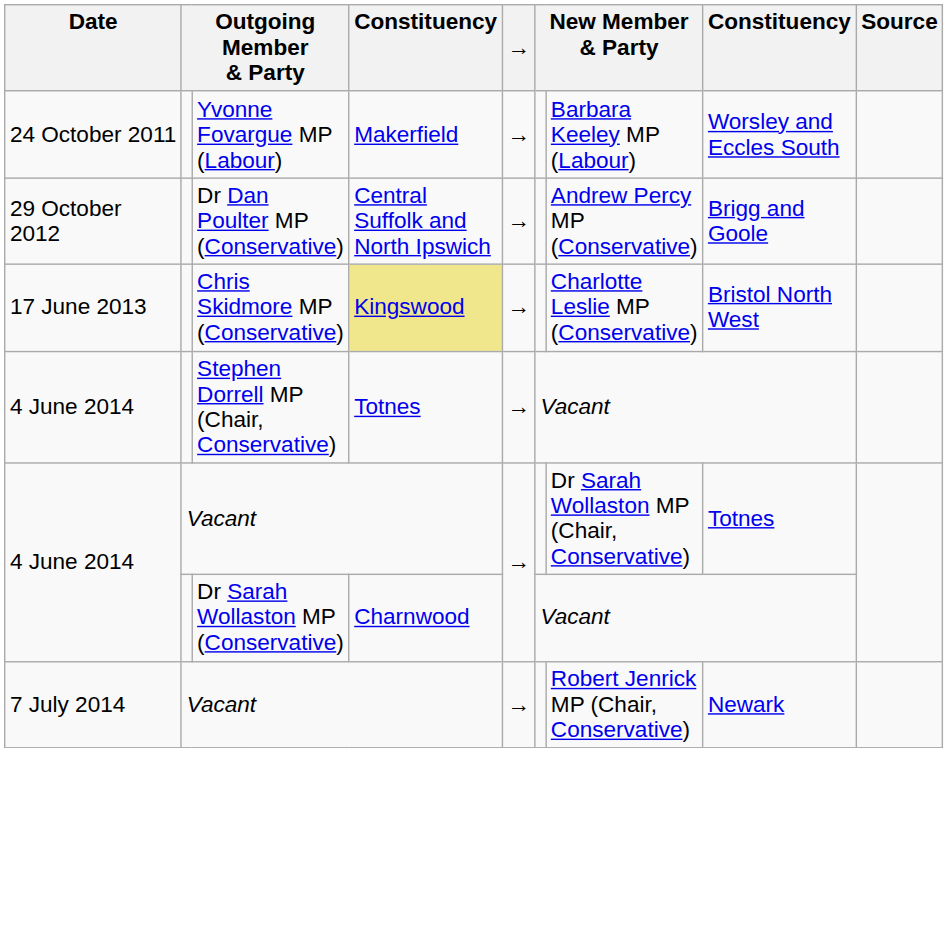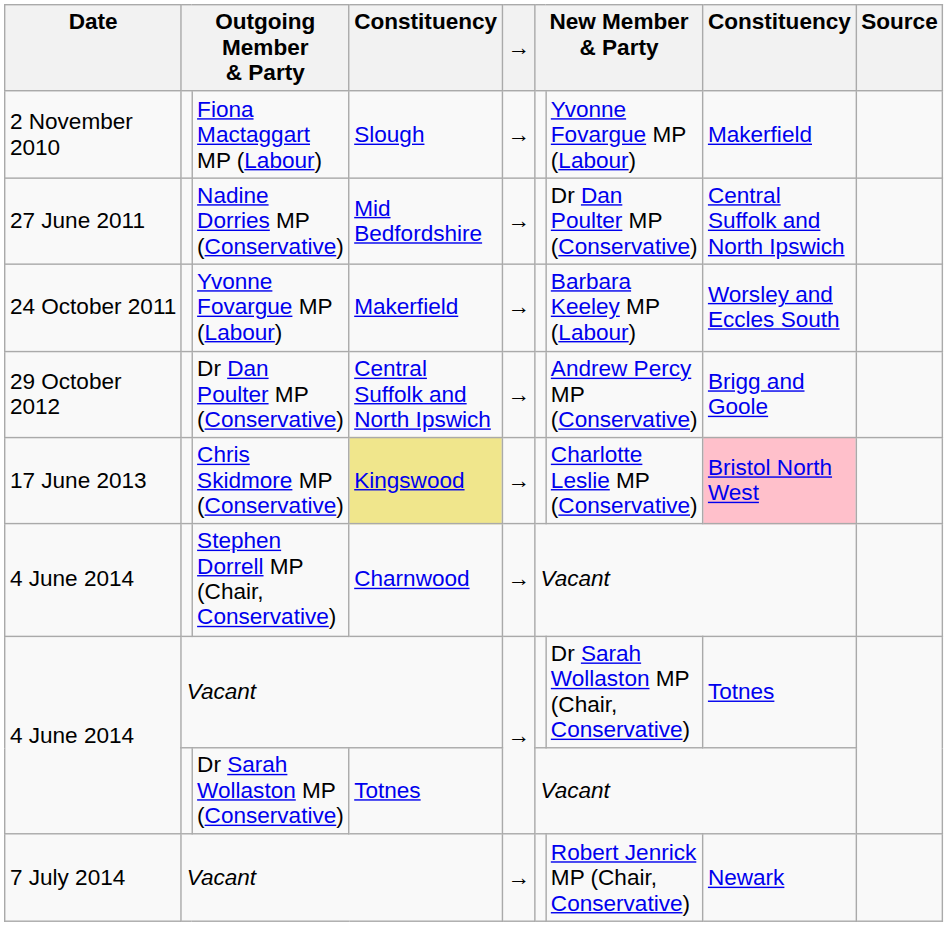 <table class="wikitable">
 <tr>
 <th valign="top">Date</th>
 <th colspan="2" valign="top">Outgoing Member<br>& Party</th>
 <th valign="top">Constituency</th>
 <th>→</th>
 <th colspan="2" valign="top">New Member<br>& Party</th>
 <th valign="top">Constituency</th>
 <th valign="top">Source</th>
+</tr>
+<tr>
+<td>2 November 2010</td>
+<td style="color:inherit;background:"></td>
+<td><a href='#'>Fiona Mactaggart</a> MP (<a href='#'>Labour</a>)</td>
+<td><a href='#'>Slough</a></td>
+<td>→</td>
+<td style="color:inherit;background:"></td>
+<td><a href='#'>Yvonne Fovargue</a> MP (<a href='#'>Labour</a>)</td>
+<td><a href='#'>Makerfield</a></td>
+<td></td>
+</tr>
+<tr>
+<td>27 June 2011</td>
+<td style="color:inherit;background:"></td>
+<td><a href='#'>Nadine Dorries</a> MP (<a href='#'>Conservative</a>)</td>
+<td><a href='#'>Mid Bedfordshire</a></td>
+<td>→</td>
+<td style="color:inherit;background:"></td>
+<td>Dr <a href='#'>Dan Poulter</a> MP (<a href='#'>Conservative</a>)</td>
+<td><a href='#'>Central Suffolk and North Ipswich</a></td>
+<td></td>
 </tr>
 <tr>
 <td nowrap>24 October 2011</td>
 <td style="color:inherit;background:"></td>
 <td><a href='#'>Yvonne Fovargue</a> MP (<a href='#'>Labour</a>)</td>
 <td><a href='#'>Makerfield</a></td>
 <td>→</td>
 <td style="color:inherit;background:"></td>
 <td><a href='#'>Barbara Keeley</a> MP (<a href='#'>Labour</a>)</td>
 <td><a href='#'>Worsley and Eccles South</a></td>
 <td></td>
 </tr>
 <tr>
 <td>29 October 2012</td>
 <td style="color:inherit;background:"></td>
 <td>Dr <a href='#'>Dan Poulter</a> MP (<a href='#'>Conservative</a>)</td>
 <td><a href='#'>Central Suffolk and North Ipswich</a></td>
 <td>→</td>
 <td style="color:inherit;background:"></td>
 <td><a href='#'>Andrew Percy</a> MP (<a href='#'>Conservative</a>)</td>
 <td><a href='#'>Brigg and Goole</a></td>
 <td></td>
 </tr>
 <tr>
 <td>17 June 2013</td>
 <td style="color:inherit;background:"></td>
 <td><a href='#'>Chris Skidmore</a> MP (<a href='#'>Conservative</a>)</td>
 <td style="background: khaki;"><a href='#'>Kingswood</a></td>
 <td>→</td>
 <td style="color:inherit;background:"></td>
 <td><a href='#'>Charlotte Leslie</a> MP (<a href='#'>Conservative</a>)</td>
-<td><a href='#'>Bristol North West</a></td>
+<td style="background: pink;"><a href='#'>Bristol North West</a></td>
 <td></td>
 </tr>
 <tr>
 <td>4 June 2014</td>
 <td style="color:inherit;background:"></td>
 <td><a href='#'>Stephen Dorrell</a> MP (Chair, <a href='#'>Conservative</a>)</td>
-<td><a href='#'>Totnes</a></td>
+<td><a href='#'>Charnwood</a></td>
 <td>→</td>
 <td colspan=3><em>Vacant</em></td>
 <td></td>
 </tr>
 <tr>
 <td rowspan=2>4 June 2014</td>
 <td colspan=3><em>Vacant</em></td>
 <td rowspan=2>→</td>
 <td style="color:inherit;background:"></td>
 <td>Dr <a href='#'>Sarah Wollaston</a> MP (Chair, <a href='#'>Conservative</a>)</td>
 <td><a href='#'>Totnes</a></td>
 <td rowspan=2></td>
 </tr>
 <tr>
 <td style="color:inherit;background:"></td>
 <td>Dr <a href='#'>Sarah Wollaston</a> MP (<a href='#'>Conservative</a>)</td>
-<td><a href='#'>Charnwood</a></td>
+<td><a href='#'>Totnes</a></td>
 <td colspan=3><em>Vacant</em></td>
 </tr>
 <tr>
 <td>7 July 2014</td>
 <td colspan=3><em>Vacant</em></td>
 <td>→</td>
 <td style="color:inherit;background:"></td>
 <td><a href='#'>Robert Jenrick</a> MP (Chair, <a href='#'>Conservative</a>)</td>
 <td><a href='#'>Newark</a></td>
 <td></td>
 </tr>
 </table>
